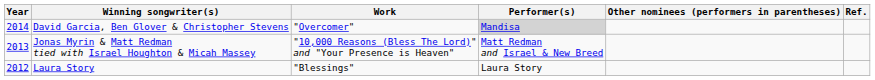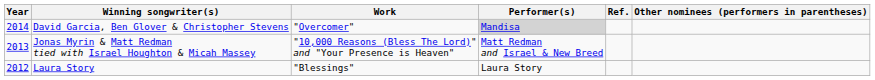 <table class="wikitable sortable">
 <tr>
 <th bgcolor="#efefef">Year</th>
 <th bgcolor="#efefef">Winning songwriter(s)</th>
 <th bgcolor="#efefef">Work</th>
 <th bgcolor="#efefef">Performer(s)</th>
+<th bgcolor="#efefef" class=unsortable>Ref.</th>
 <th bgcolor="#efefef" class=unsortable>Other nominees (performers in parentheses)</th>
-<th bgcolor="#efefef" class=unsortable>Ref.</th>
 </tr>
 <tr>
 <td align="center"><a href='#'>2014</a></td>
 <td><a href='#'>David Garcia</a>, <a href='#'>Ben Glover</a> & <a href='#'>Christopher Stevens</a></td>
 <td>"<a href='#'>Overcomer</a>"</td>
 <td style="background: lightgrey;"><a href='#'>Mandisa</a></td>
 <td></td>
 <td></td>
 </tr>
 <tr>
 <td align="center"><a href='#'>2013</a></td>
 <td><a href='#'>Jonas Myrin</a> & <a href='#'>Matt Redman</a><br><em>tied with</em> <a href='#'>Israel Houghton</a> & <a href='#'>Micah Massey</a></td>
 <td>"<a href='#'>10,000 Reasons (Bless The Lord)</a>"<br><em>and</em> "Your Presence is Heaven"</td>
 <td><a href='#'>Matt Redman</a><br><em>and</em> <a href='#'>Israel & New Breed</a></td>
+<td style="text-align:center;"></td>
 <td></td>
-<td style="text-align:center;"></td>
 </tr>
 <tr>
 <td align="center"><a href='#'>2012</a></td>
 <td><a href='#'>Laura Story</a></td>
 <td>"Blessings"</td>
 <td>Laura Story</td>
+<td style="text-align:center;"></td>
 <td></td>
-<td style="text-align:center;"></td>
 </tr>
 </table>
